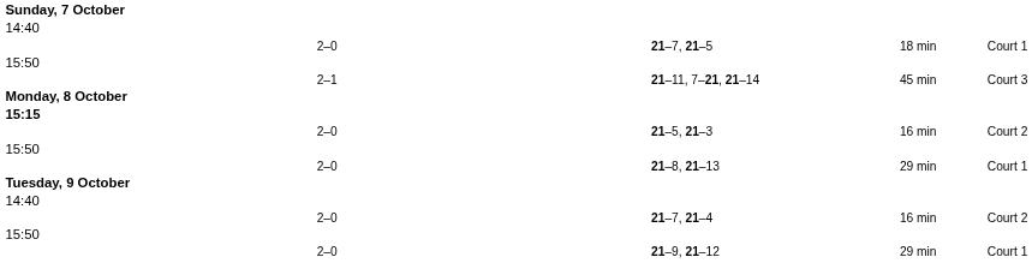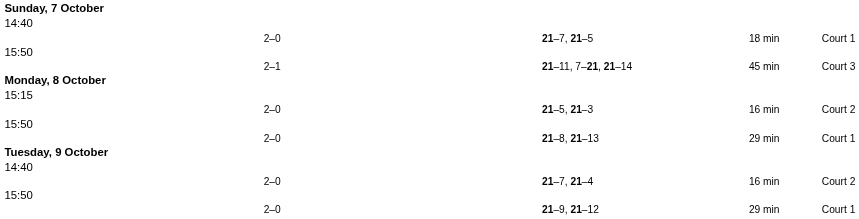 <table style="width:100%;" cellspacing="1">
 <tr>
 <th width=25%></th>
 <th width=10%></th>
 <th width=25%></th>
 </tr>
 <tr>
 <td><strong>Sunday, 7 October</strong></td>
 </tr>
 <tr>
 <td>14:40</td>
 </tr>
 <tr style=font-size:90%>
 <td align=right><strong></strong></td>
 <td align=center>2–0</td>
 <td></td>
 <td><strong>21</strong>–7, <strong>21</strong>–5</td>
 <td>18 min</td>
 <td>Court 1</td>
 </tr>
 <tr>
 <td>15:50</td>
 </tr>
 <tr style=font-size:90%>
 <td align=right><strong></strong></td>
 <td align=center>2–1</td>
 <td></td>
 <td><strong>21</strong>–11, 7–<strong>21</strong>, <strong>21</strong>–14</td>
 <td>45 min</td>
 <td>Court 3</td>
 </tr>
 <tr>
 <td><strong>Monday, 8 October</strong></td>
 </tr>
 <tr>
-<td><strong>15:15</strong></td>
+<td>15:15</td>
 </tr>
 <tr style=font-size:90%>
 <td align=right><strong></strong></td>
 <td align=center>2–0</td>
 <td></td>
 <td><strong>21</strong>–5, <strong>21</strong>–3</td>
 <td>16 min</td>
 <td>Court 2</td>
 </tr>
 <tr>
 <td>15:50</td>
 </tr>
 <tr style=font-size:90%>
 <td align=right><strong></strong></td>
 <td align=center>2–0</td>
 <td></td>
 <td><strong>21</strong>–8, <strong>21</strong>–13</td>
 <td>29 min</td>
 <td>Court 1</td>
 </tr>
 <tr>
 <td><strong>Tuesday, 9 October</strong></td>
 </tr>
 <tr>
 <td>14:40</td>
 </tr>
 <tr style=font-size:90%>
 <td align=right><strong></strong></td>
 <td align=center>2–0</td>
 <td></td>
 <td><strong>21</strong>–7, <strong>21</strong>–4</td>
 <td>16 min</td>
 <td>Court 2</td>
 </tr>
 <tr>
 <td>15:50</td>
 </tr>
 <tr style=font-size:90%>
 <td align=right><strong></strong></td>
 <td align=center>2–0</td>
 <td></td>
 <td><strong>21</strong>–9, <strong>21</strong>–12</td>
 <td>29 min</td>
 <td>Court 1</td>
 </tr>
 </table>
